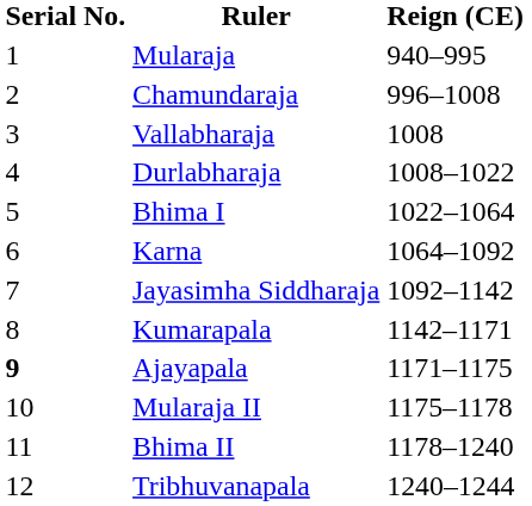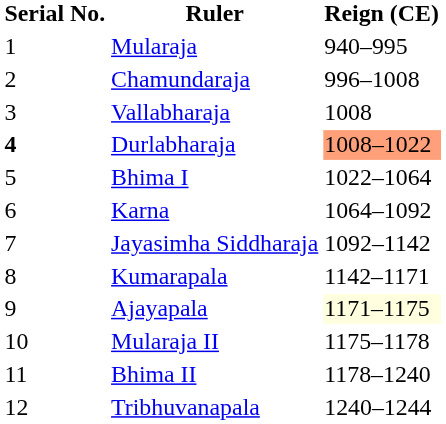 <table class=”wikitable”>
 <tr>
 <th>Serial No.</th>
 <th>Ruler</th>
 <th>Reign (CE)</th>
 </tr>
 <tr>
 <td>1</td>
 <td><a href='#'>Mularaja</a></td>
 <td>940–995</td>
 </tr>
 <tr>
 <td>2</td>
 <td><a href='#'>Chamundaraja</a></td>
 <td>996–1008</td>
 </tr>
 <tr>
 <td>3</td>
 <td><a href='#'>Vallabharaja</a></td>
 <td>1008</td>
 </tr>
 <tr>
-<td>4</td>
+<td><strong>4</strong></td>
 <td><a href='#'>Durlabharaja</a></td>
-<td>1008–1022</td>
+<td style="background: lightsalmon;">1008–1022</td>
 </tr>
 <tr>
 <td>5</td>
 <td><a href='#'>Bhima I</a></td>
 <td>1022–1064</td>
 </tr>
 <tr>
 <td>6</td>
 <td><a href='#'>Karna</a></td>
 <td>1064–1092</td>
 </tr>
 <tr>
 <td>7</td>
 <td><a href='#'>Jayasimha Siddharaja</a></td>
 <td>1092–1142</td>
 </tr>
 <tr>
 <td>8</td>
 <td><a href='#'>Kumarapala</a></td>
 <td>1142–1171</td>
 </tr>
 <tr>
-<td><strong>9</strong></td>
+<td>9</td>
 <td><a href='#'>Ajayapala</a></td>
-<td>1171–1175</td>
+<td style="background: lightyellow;">1171–1175</td>
 </tr>
 <tr>
 <td>10</td>
 <td><a href='#'>Mularaja II</a></td>
 <td>1175–1178</td>
 </tr>
 <tr>
 <td>11</td>
 <td><a href='#'>Bhima II</a></td>
 <td>1178–1240</td>
 </tr>
 <tr>
 <td>12</td>
 <td><a href='#'>Tribhuvanapala</a></td>
 <td>1240–1244</td>
 </tr>
 <tr>
 </tr>
 </table>
